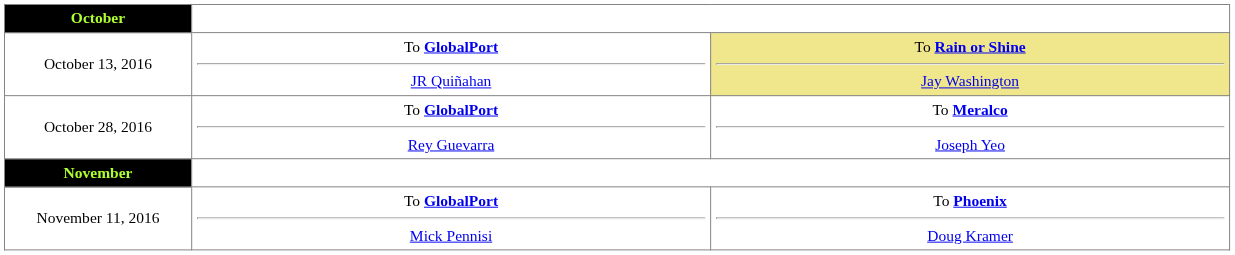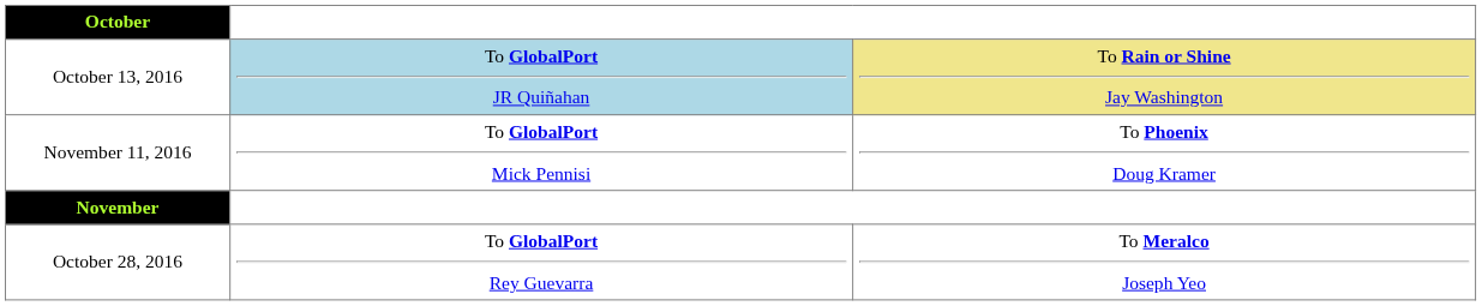 <table border="1" style="border-collapse:collapse; text-align:center; width:100%;"  cellpadding="5">
 <tr style="background:#eee;">
 <th style="background:#000000; color:#ADFF2F; ">October</th>
 </tr>
 <tr>
 <td style="width:12%">October 13, 2016</td>
-<td style="width:33.3%; vertical-align:top;">To <strong><a href='#'>GlobalPort</a></strong><hr><a href='#'>JR Quiñahan</a></td>
+<td style="background: lightblue; width:33.3%; vertical-align:top;">To <strong><a href='#'>GlobalPort</a></strong><hr><a href='#'>JR Quiñahan</a></td>
 <td style="background: khaki; width:33.3%; vertical-align:top;">To <strong><a href='#'>Rain or Shine</a></strong><hr><a href='#'>Jay Washington</a></td>
+</tr>
+<tr>
+<td style="width:12%">November 11, 2016</td>
+<td style="width:33.3%; vertical-align:top;">To <strong><a href='#'>GlobalPort</a></strong><hr><a href='#'>Mick Pennisi</a></td>
+<td style="width:33.3%; vertical-align:top;">To <strong><a href='#'>Phoenix</a></strong><hr><a href='#'>Doug Kramer</a></td>
+</tr>
+<tr>
+<th style="background:#000000; color:#ADFF2F; ">November</th>
 </tr>
 <tr>
 <td style="width:12%">October 28, 2016</td>
 <td style="width:33.3%; vertical-align:top;">To <strong><a href='#'>GlobalPort</a></strong><hr><a href='#'>Rey Guevarra</a></td>
 <td style="width:33.3%; vertical-align:top;">To <strong><a href='#'>Meralco</a></strong><hr><a href='#'>Joseph Yeo</a></td>
 </tr>
-<tr>
-<th style="background:#000000; color:#ADFF2F; ">November</th>
-</tr>
-<tr>
-<td style="width:12%">November 11, 2016</td>
-<td style="width:33.3%; vertical-align:top;">To <strong><a href='#'>GlobalPort</a></strong><hr><a href='#'>Mick Pennisi</a></td>
-<td style="width:33.3%; vertical-align:top;">To <strong><a href='#'>Phoenix</a></strong><hr><a href='#'>Doug Kramer</a></td>
-</tr>
 </table>
